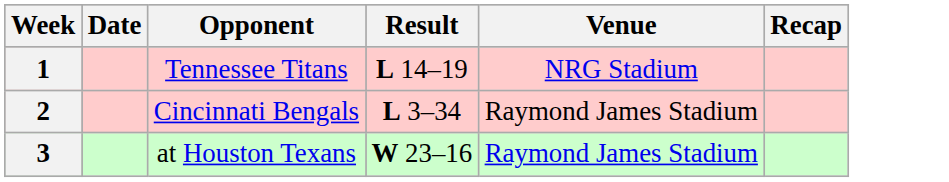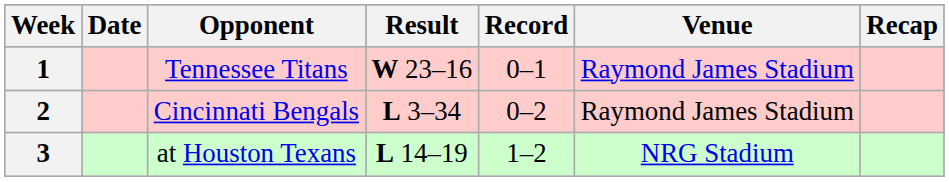 <table class="wikitable" style="text-align:center">
 <tr>
 <th>Week</th>
 <th>Date</th>
 <th>Opponent</th>
 <th>Result</th>
+<th>Record</th>
 <th>Venue</th>
 <th>Recap</th>
 </tr>
 <tr style="background:#fcc">
 <th>1</th>
 <td></td>
 <td><a href='#'>Tennessee Titans</a></td>
-<td><strong>L</strong> 14–19</td>
-<td><a href='#'>NRG Stadium</a></td>
+<td><strong>W</strong> 23–16</td>
+<td>0–1</td>
+<td><a href='#'>Raymond James Stadium</a></td>
 <td></td>
 </tr>
 <tr style="background:#fcc">
 <th>2</th>
 <td></td>
 <td><a href='#'>Cincinnati Bengals</a></td>
 <td><strong>L</strong> 3–34</td>
+<td>0–2</td>
 <td>Raymond James Stadium</td>
 <td></td>
 </tr>
 <tr style="background:#cfc">
 <th>3</th>
 <td></td>
 <td>at <a href='#'>Houston Texans</a></td>
-<td><strong>W</strong> 23–16</td>
-<td><a href='#'>Raymond James Stadium</a></td>
+<td><strong>L</strong> 14–19</td>
+<td>1–2</td>
+<td><a href='#'>NRG Stadium</a></td>
 <td></td>
 </tr>
 </table>
